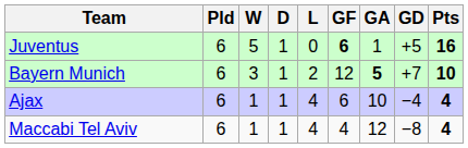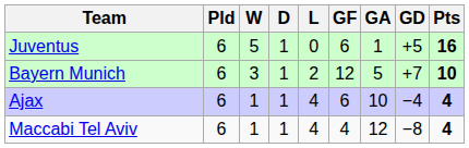 <table class="wikitable" style="text-align:center">
 <tr>
 </tr>
 <tr>
 <th width=175>Team</th>
 <th width=20>Pld</th>
 <th width=20>W</th>
 <th width=20>D</th>
 <th width=20>L</th>
 <th width=20>GF</th>
 <th width=20>GA</th>
 <th width=20>GD</th>
 <th width=20>Pts</th>
 </tr>
 <tr bgcolor="#ccffcc">
 <td align=left> <a href='#'>Juventus</a></td>
 <td>6</td>
 <td>5</td>
 <td>1</td>
 <td>0</td>
-<td><strong>6</strong></td>
+<td>6</td>
 <td>1</td>
 <td>+5</td>
 <td><strong>16</strong></td>
 </tr>
 <tr bgcolor="#ccffcc">
 <td align=left> <a href='#'>Bayern Munich</a></td>
 <td>6</td>
 <td>3</td>
 <td>1</td>
 <td>2</td>
 <td>12</td>
-<td><strong>5</strong></td>
+<td>5</td>
 <td>+7</td>
 <td><strong>10</strong></td>
 </tr>
 <tr bgcolor="#ccccff">
 <td align=left> <a href='#'>Ajax</a></td>
 <td>6</td>
 <td>1</td>
 <td>1</td>
 <td>4</td>
 <td>6</td>
 <td>10</td>
 <td>−4</td>
 <td><strong>4</strong></td>
 </tr>
 <tr bgcolor=>
 <td align=left> <a href='#'>Maccabi Tel Aviv</a></td>
 <td>6</td>
 <td>1</td>
 <td>1</td>
 <td>4</td>
 <td>4</td>
 <td>12</td>
 <td>−8</td>
 <td><strong>4</strong></td>
 </tr>
 </table>
